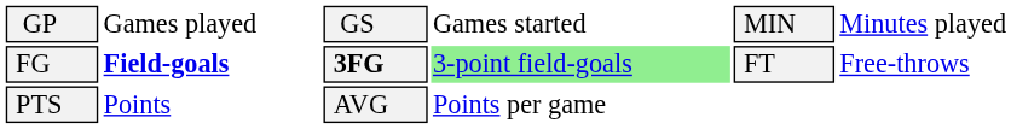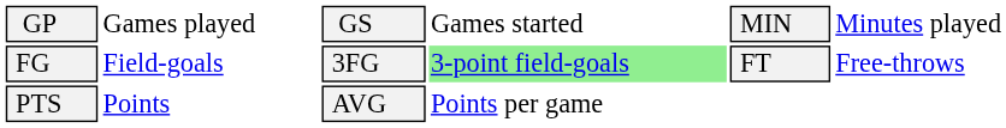 <table class="toccolours " style="min-width:40em; white-space: nowrap;">
 <tr>
 <td style="background-color: #F2F2F2; border: 1px solid black;">  GP</td>
 <td>Games played</td>
 <td style="background-color: #F2F2F2; border: 1px solid black">  GS </td>
 <td>Games started</td>
 <td style="background-color: #F2F2F2; border: 1px solid black"> MIN </td>
 <td><a href='#'>Minutes</a> played</td>
 </tr>
 <tr>
 <td style="background-color: #F2F2F2; border: 1px solid black;"> FG </td>
-<td style="padding-right: 8px"><strong><a href='#'>Field-goals</a></strong></td>
-<td style="background-color: #F2F2F2; border: 1px solid black"><strong> 3FG </strong></td>
+<td style="padding-right: 8px"><a href='#'>Field-goals</a></td>
+<td style="background-color: #F2F2F2; border: 1px solid black"> 3FG </td>
 <td style="background: lightgreen; padding-right: 8px"><a href='#'>3-point field-goals</a></td>
 <td style="background-color: #F2F2F2; border: 1px solid black"> FT </td>
 <td><a href='#'>Free-throws</a></td>
 </tr>
 <tr>
 <td style="background-color: #F2F2F2; border: 1px solid black;"> PTS </td>
 <td><a href='#'>Points</a></td>
 <td style="background-color: #F2F2F2; border: 1px solid black"> AVG </td>
 <td><a href='#'>Points</a> per game</td>
 <td></td>
 <td></td>
 </tr>
 </table>
